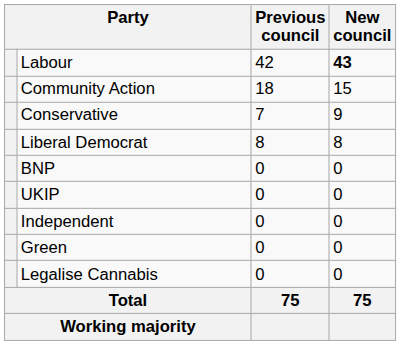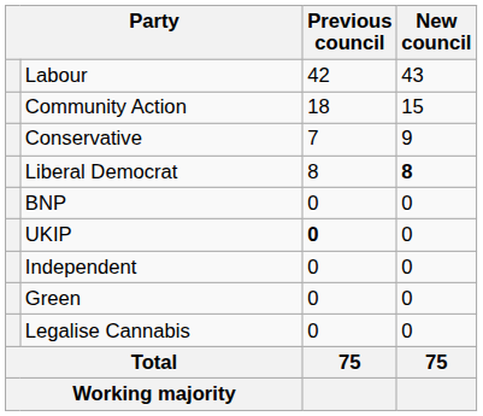 <table class="wikitable">
 <tr>
 <th valign=top colspan="2" style="width: 230px">Party</th>
 <th valign=top style="width: 30px">Previous council</th>
 <th valign=top style="width: 30px">New council</th>
 </tr>
 <tr>
 <th style="background-color: "></th>
 <td>Labour</td>
 <td>42</td>
-<td><strong>43</strong></td>
+<td>43</td>
 </tr>
 <tr>
 <th style="background-color: "></th>
 <td>Community Action</td>
 <td>18</td>
 <td>15</td>
 </tr>
 <tr>
 <th style="background-color: "></th>
 <td>Conservative</td>
 <td>7</td>
 <td>9</td>
 </tr>
 <tr>
 <th style="background-color: "></th>
 <td>Liberal Democrat</td>
 <td>8</td>
-<td>8</td>
+<td><strong>8</strong></td>
 </tr>
 <tr>
 <th style="background-color: "></th>
 <td>BNP</td>
 <td>0</td>
 <td>0</td>
 </tr>
 <tr>
 <th style="background-color: "></th>
 <td>UKIP</td>
-<td>0</td>
+<td><strong>0</strong></td>
 <td>0</td>
 </tr>
 <tr>
 <th style="background-color: "></th>
 <td>Independent</td>
 <td>0</td>
 <td>0</td>
 </tr>
 <tr>
 <th style="background-color: "></th>
 <td>Green</td>
 <td>0</td>
 <td>0</td>
 </tr>
 <tr>
 <th style="background-color: "></th>
 <td>Legalise Cannabis</td>
 <td>0</td>
 <td>0</td>
 </tr>
 <tr>
 <th colspan=2>Total</th>
 <th style="text-align: center">75</th>
 <th colspan=3>75</th>
 </tr>
 <tr>
 <th colspan=2>Working majority</th>
 <th></th>
 <th></th>
 </tr>
 </table>
